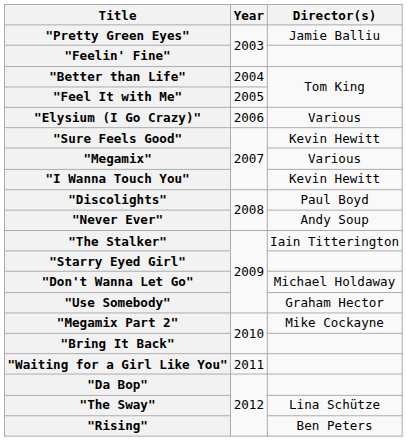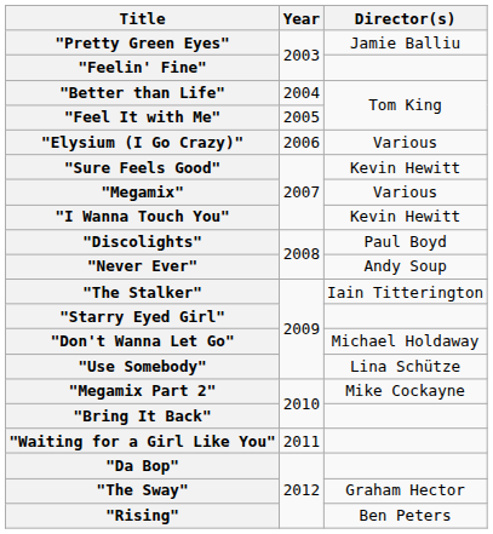 <table class="wikitable plainrowheaders" style="text-align:center;">
 <tr>
 <th scope="col">Title</th>
 <th scope="col">Year</th>
 <th scope="col">Director(s)</th>
 </tr>
 <tr>
 <th scope="row">"Pretty Green Eyes"</th>
 <td rowspan="2">2003</td>
 <td>Jamie Balliu</td>
 </tr>
 <tr>
 <th scope="row">"Feelin' Fine"</th>
 <td></td>
 </tr>
 <tr>
 <th scope="row">"Better than Life"</th>
 <td>2004</td>
 <td rowspan="2">Tom King</td>
 </tr>
 <tr>
 <th scope="row">"Feel It with Me"</th>
 <td>2005</td>
 </tr>
 <tr>
 <th scope="row">"Elysium (I Go Crazy)" <br></th>
 <td>2006</td>
 <td>Various</td>
 </tr>
 <tr>
 <th scope="row">"Sure Feels Good" <br></th>
 <td rowspan="3">2007</td>
 <td>Kevin Hewitt</td>
 </tr>
 <tr>
 <th scope="row">"Megamix"</th>
 <td>Various</td>
 </tr>
 <tr>
 <th scope="row">"I Wanna Touch You"</th>
 <td>Kevin Hewitt</td>
 </tr>
 <tr>
 <th scope="row">"Discolights" <br></th>
 <td rowspan="2">2008</td>
 <td>Paul Boyd</td>
 </tr>
 <tr>
 <th scope="row">"Never Ever"</th>
 <td>Andy Soup</td>
 </tr>
 <tr>
 <th scope="row">"The Stalker"</th>
 <td rowspan="4">2009</td>
 <td>Iain Titterington</td>
 </tr>
 <tr>
 <th scope="row">"Starry Eyed Girl"</th>
 <td></td>
 </tr>
 <tr>
 <th scope="row">"Don't Wanna Let Go" <br></th>
 <td>Michael Holdaway</td>
 </tr>
 <tr>
 <th scope="row">"Use Somebody"</th>
-<td>Graham Hector</td>
+<td>Lina Schütze</td>
 </tr>
 <tr>
 <th scope="row">"Megamix Part 2"</th>
 <td rowspan="2">2010</td>
 <td>Mike Cockayne</td>
 </tr>
 <tr>
 <th scope="row">"Bring It Back"</th>
 <td></td>
 </tr>
 <tr>
 <th scope="row">"Waiting for a Girl Like You"</th>
 <td align="center">2011</td>
 <td></td>
 </tr>
 <tr>
 <th scope="row">"Da Bop" <br></th>
 <td rowspan="3">2012</td>
 <td></td>
 </tr>
 <tr>
 <th scope="row">"The Sway" <br></th>
-<td>Lina Schütze</td>
+<td>Graham Hector</td>
 </tr>
 <tr>
 <th scope="row">"Rising"</th>
 <td>Ben Peters</td>
 </tr>
 </table>
